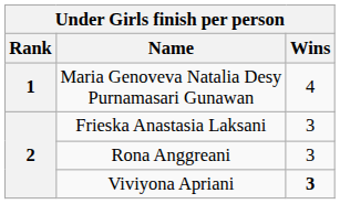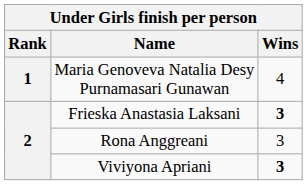 <table class="wikitable sortable plainrowheaders" style=text-align:center>
 <tr>
 <th colspan=5>Under Girls finish per person</th>
 </tr>
 <tr>
 <th scope=col>Rank</th>
 <th scope=col>Name</th>
 <th scope=col>Wins</th>
 </tr>
 <tr>
 <th scope=row style=text-align:center>1</th>
 <td>Maria Genoveva Natalia Desy<br>Purnamasari Gunawan</td>
 <td>4</td>
 </tr>
 <tr>
 <th scope=row rowspan=3 style=text-align:center>2</th>
 <td>Frieska Anastasia Laksani</td>
-<td>3</td>
+<td><strong>3</strong></td>
 </tr>
 <tr>
 <td>Rona Anggreani</td>
 <td>3</td>
 </tr>
 <tr>
 <td>Viviyona Apriani</td>
 <td><strong>3</strong></td>
 </tr>
 </table>
